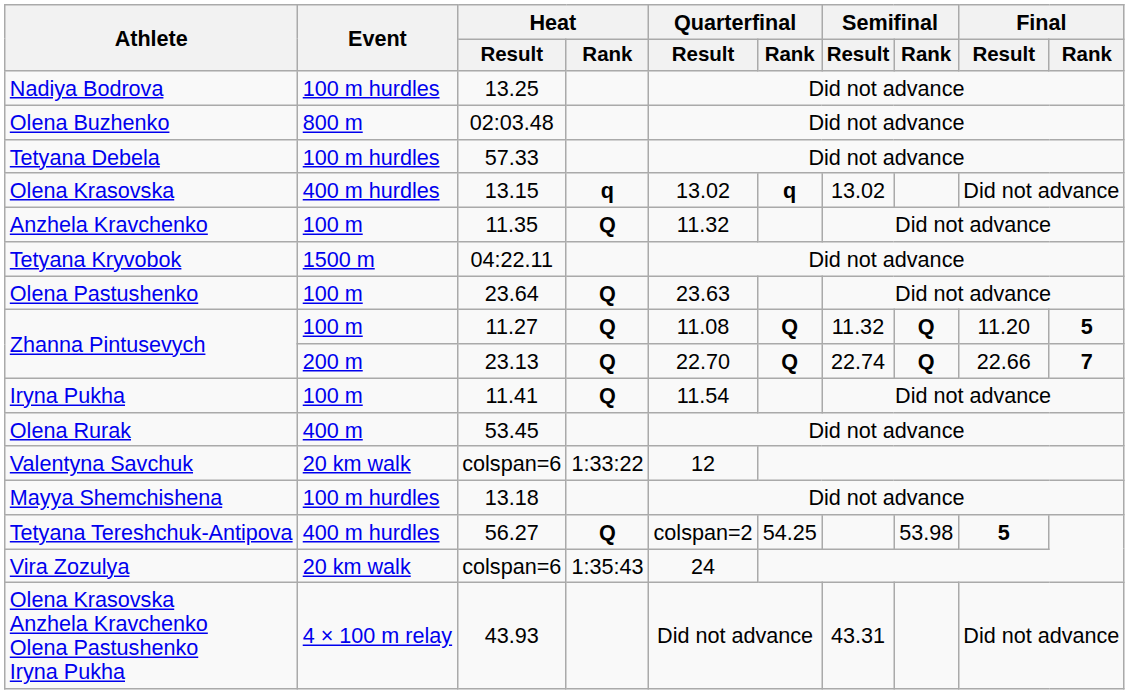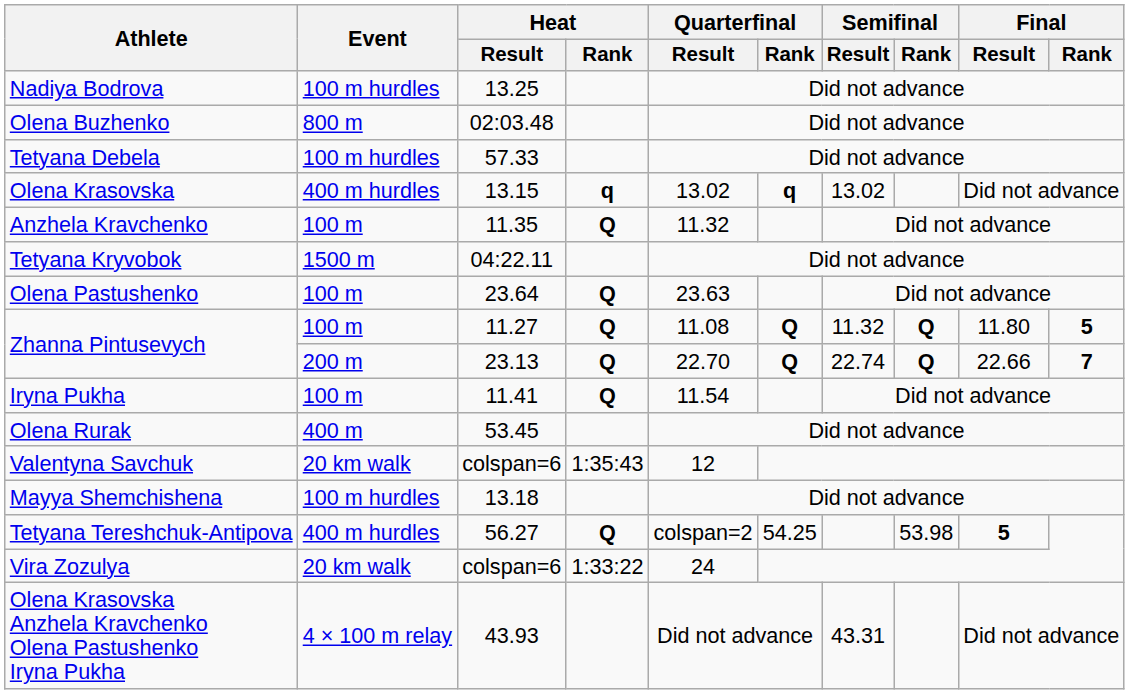 <table class=wikitable style="font-size:90%">
 <tr>
 <th rowspan="2">Athlete</th>
 <th rowspan="2">Event</th>
 <th colspan="2">Heat</th>
 <th colspan="2">Quarterfinal</th>
 <th colspan="2">Semifinal</th>
 <th colspan="2">Final</th>
 </tr>
 <tr style="font-size:95%">
 <th>Result</th>
 <th>Rank</th>
 <th>Result</th>
 <th>Rank</th>
 <th>Result</th>
 <th>Rank</th>
 <th>Result</th>
 <th>Rank</th>
 </tr>
 <tr align=center>
 <td align=left><a href='#'>Nadiya Bodrova</a></td>
 <td align=left><a href='#'>100 m hurdles</a></td>
 <td>13.25</td>
 <td></td>
 <td colspan=6>Did not advance</td>
 </tr>
 <tr align=center>
 <td align=left><a href='#'>Olena Buzhenko</a></td>
 <td align=left><a href='#'>800 m</a></td>
 <td>02:03.48</td>
 <td></td>
 <td colspan=6>Did not advance</td>
 </tr>
 <tr align=center>
 <td align=left><a href='#'>Tetyana Debela</a></td>
 <td align=left><a href='#'>100 m hurdles</a></td>
 <td>57.33</td>
 <td></td>
 <td colspan=6>Did not advance</td>
 </tr>
 <tr align=center>
 <td align=left><a href='#'>Olena Krasovska</a></td>
 <td align=left><a href='#'>400 m hurdles</a></td>
 <td>13.15</td>
 <td><strong>q</strong></td>
 <td>13.02</td>
 <td><strong>q</strong></td>
 <td>13.02</td>
 <td></td>
 <td colspan=2>Did not advance</td>
 </tr>
 <tr align=center>
 <td align=left><a href='#'>Anzhela Kravchenko</a></td>
 <td align=left><a href='#'>100 m</a></td>
 <td>11.35</td>
 <td><strong>Q</strong></td>
 <td>11.32</td>
 <td></td>
 <td colspan=4>Did not advance</td>
 </tr>
 <tr align=center>
 <td align=left><a href='#'>Tetyana Kryvobok</a></td>
 <td align=left><a href='#'>1500 m</a></td>
 <td>04:22.11</td>
 <td></td>
 <td colspan=6>Did not advance</td>
 </tr>
 <tr align=center>
 <td align=left><a href='#'>Olena Pastushenko</a></td>
 <td align=left><a href='#'>100 m</a></td>
 <td>23.64</td>
 <td><strong>Q</strong></td>
 <td>23.63</td>
 <td></td>
 <td colspan=4>Did not advance</td>
 </tr>
 <tr align=center>
 <td align=left rowspan=2><a href='#'>Zhanna Pintusevych</a></td>
 <td align=left><a href='#'>100 m</a></td>
 <td>11.27</td>
 <td><strong>Q</strong></td>
 <td>11.08</td>
 <td><strong>Q</strong></td>
 <td>11.32</td>
 <td><strong>Q</strong></td>
-<td>11.20</td>
+<td>11.80</td>
 <td><strong>5</strong></td>
 </tr>
 <tr align=center>
 <td align=left><a href='#'>200 m</a></td>
 <td>23.13</td>
 <td><strong>Q</strong></td>
 <td>22.70</td>
 <td><strong>Q</strong></td>
 <td>22.74</td>
 <td><strong>Q</strong></td>
 <td>22.66</td>
 <td><strong>7</strong></td>
 </tr>
 <tr align=center>
 <td align=left><a href='#'>Iryna Pukha</a></td>
 <td align=left><a href='#'>100 m</a></td>
 <td>11.41</td>
 <td><strong>Q</strong></td>
 <td>11.54</td>
 <td></td>
 <td colspan=4>Did not advance</td>
 </tr>
 <tr align=center>
 <td align=left><a href='#'>Olena Rurak</a></td>
 <td align=left><a href='#'>400 m</a></td>
 <td>53.45</td>
 <td></td>
 <td colspan=6>Did not advance</td>
 </tr>
 <tr align=center>
 <td align=left><a href='#'>Valentyna Savchuk</a></td>
 <td align=left><a href='#'>20 km walk</a></td>
 <td>colspan=6 </td>
-<td>1:33:22</td>
+<td>1:35:43</td>
 <td>12</td>
 </tr>
 <tr align=center>
 <td align=left><a href='#'>Mayya Shemchishena</a></td>
 <td align=left><a href='#'>100 m hurdles</a></td>
 <td>13.18</td>
 <td></td>
 <td colspan=6>Did not advance</td>
 </tr>
 <tr align=center>
 <td align=left><a href='#'>Tetyana Tereshchuk-Antipova</a></td>
 <td align=left><a href='#'>400 m hurdles</a></td>
 <td>56.27</td>
 <td><strong>Q</strong></td>
 <td>colspan=2 </td>
 <td>54.25</td>
 <td></td>
 <td>53.98</td>
 <td><strong>5</strong></td>
 </tr>
 <tr align=center>
 <td align=left><a href='#'>Vira Zozulya</a></td>
 <td align=left><a href='#'>20 km walk</a></td>
 <td>colspan=6 </td>
-<td>1:35:43</td>
+<td>1:33:22</td>
 <td>24</td>
 </tr>
 <tr align=center>
 <td align=left><a href='#'>Olena Krasovska</a><br><a href='#'>Anzhela Kravchenko</a><br><a href='#'>Olena Pastushenko</a><br><a href='#'>Iryna Pukha</a></td>
 <td align=left><a href='#'>4 × 100 m relay</a></td>
 <td>43.93</td>
 <td></td>
 <td colspan=2>Did not advance</td>
 <td>43.31</td>
 <td></td>
 <td colspan=2>Did not advance</td>
 </tr>
 </table>
